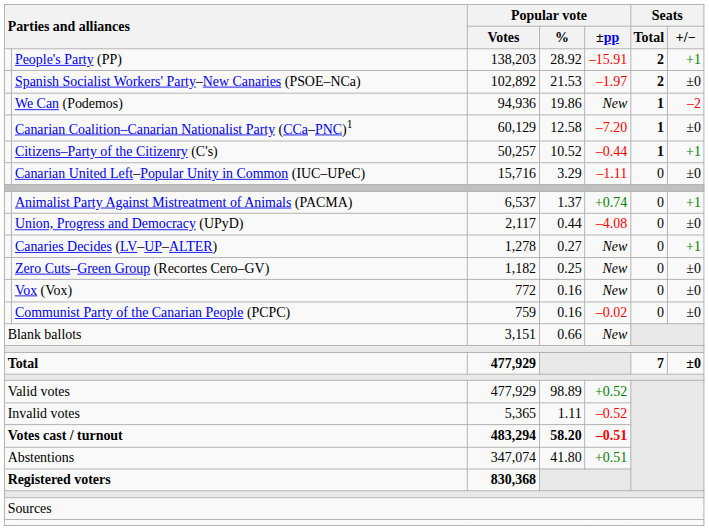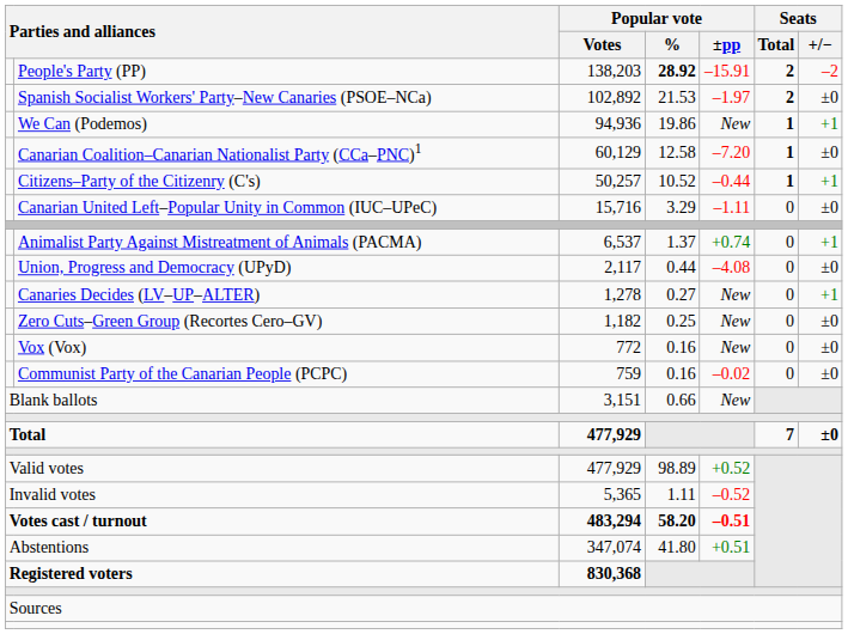 <table class="wikitable" style="text-align:right;">
 <tr>
 <th style="text-align:left;" rowspan="2" colspan="2" width="525">Parties and alliances</th>
 <th colspan="3">Popular vote</th>
 <th colspan="2">Seats</th>
 </tr>
 <tr>
 <th width="75">Votes</th>
 <th width="45">%</th>
 <th width="45">±<a href='#'>pp</a></th>
 <th width="35">Total</th>
 <th width="35">+/−</th>
 </tr>
 <tr>
 <td width="1" style="color:inherit;background:"></td>
 <td align="left"><a href='#'>People's Party</a> (PP)</td>
 <td>138,203</td>
-<td>28.92</td>
+<td><strong>28.92</strong></td>
 <td style="color:red;">–15.91</td>
 <td><strong>2</strong></td>
-<td style="color:green;">+1</td>
+<td style="color:red;">–2</td>
 </tr>
 <tr>
 <td style="color:inherit;background:"></td>
 <td align="left"><a href='#'>Spanish Socialist Workers' Party</a>–<a href='#'>New Canaries</a> (PSOE–NCa)</td>
 <td>102,892</td>
 <td>21.53</td>
 <td style="color:red;">–1.97</td>
 <td><strong>2</strong></td>
 <td>±0</td>
 </tr>
 <tr>
 <td style="color:inherit;background:"></td>
 <td align="left"><a href='#'>We Can</a> (Podemos)</td>
 <td>94,936</td>
 <td>19.86</td>
 <td><em>New</em></td>
 <td><strong>1</strong></td>
-<td style="color:red;">–2</td>
+<td style="color:green;">+1</td>
 </tr>
 <tr>
 <td style="color:inherit;background:"></td>
 <td align="left"><a href='#'>Canarian Coalition–Canarian Nationalist Party</a> (<a href='#'>CCa</a>–<a href='#'>PNC</a>)<sup>1</sup></td>
 <td>60,129</td>
 <td>12.58</td>
 <td style="color:red;">–7.20</td>
 <td><strong>1</strong></td>
 <td>±0</td>
 </tr>
 <tr>
 <td style="color:inherit;background:"></td>
 <td align="left"><a href='#'>Citizens–Party of the Citizenry</a> (C's)</td>
 <td>50,257</td>
 <td>10.52</td>
 <td style="color:red;">–0.44</td>
 <td><strong>1</strong></td>
 <td style="color:green;">+1</td>
 </tr>
 <tr>
 <td style="color:inherit;background:"></td>
 <td align="left"><a href='#'>Canarian United Left</a>–<a href='#'>Popular Unity in Common</a> (IUC–UPeC)</td>
 <td>15,716</td>
 <td>3.29</td>
 <td style="color:red;">–1.11</td>
 <td>0</td>
 <td>±0</td>
 </tr>
 <tr>
 <td colspan="7" bgcolor="#C0C0C0"></td>
 </tr>
 <tr>
 <td style="color:inherit;background:"></td>
 <td align="left"><a href='#'>Animalist Party Against Mistreatment of Animals</a> (PACMA)</td>
 <td>6,537</td>
 <td>1.37</td>
 <td style="color:green;">+0.74</td>
 <td>0</td>
 <td style="color:green;">+1</td>
 </tr>
 <tr>
 <td style="color:inherit;background:"></td>
 <td align="left"><a href='#'>Union, Progress and Democracy</a> (UPyD)</td>
 <td>2,117</td>
 <td>0.44</td>
 <td style="color:red;">–4.08</td>
 <td>0</td>
 <td>±0</td>
 </tr>
 <tr>
 <td style="color:inherit;background:"></td>
 <td align="left"><a href='#'>Canaries Decides</a> (<a href='#'>LV</a>–<a href='#'>UP</a>–<a href='#'>ALTER</a>)</td>
 <td>1,278</td>
 <td>0.27</td>
 <td><em>New</em></td>
 <td>0</td>
 <td style="color:green;">+1</td>
 </tr>
 <tr>
 <td style="color:inherit;background:"></td>
 <td align="left"><a href='#'>Zero Cuts</a>–<a href='#'>Green Group</a> (Recortes Cero–GV)</td>
 <td>1,182</td>
 <td>0.25</td>
 <td><em>New</em></td>
 <td>0</td>
 <td>±0</td>
 </tr>
 <tr>
 <td style="color:inherit;background:"></td>
 <td align="left"><a href='#'>Vox</a> (Vox)</td>
 <td>772</td>
 <td>0.16</td>
 <td><em>New</em></td>
 <td>0</td>
 <td>±0</td>
 </tr>
 <tr>
 <td style="color:inherit;background:"></td>
 <td align="left"><a href='#'>Communist Party of the Canarian People</a> (PCPC)</td>
 <td>759</td>
 <td>0.16</td>
 <td style="color:red;">–0.02</td>
 <td>0</td>
 <td>±0</td>
 </tr>
 <tr>
 <td align="left" colspan="2">Blank ballots</td>
 <td>3,151</td>
 <td>0.66</td>
 <td><em>New</em></td>
 <td bgcolor="#E9E9E9" colspan="2"></td>
 </tr>
 <tr>
 <td colspan="7" bgcolor="#E9E9E9"></td>
 </tr>
 <tr style="font-weight:bold;">
 <td align="left" colspan="2">Total</td>
 <td>477,929</td>
 <td bgcolor="#E9E9E9" colspan="2"></td>
 <td>7</td>
 <td>±0</td>
 </tr>
 <tr>
 <td colspan="7" bgcolor="#E9E9E9"></td>
 </tr>
 <tr>
 <td align="left" colspan="2">Valid votes</td>
 <td>477,929</td>
 <td>98.89</td>
 <td style="color:green;">+0.52</td>
 <td bgcolor="#E9E9E9" colspan="2" rowspan="5"></td>
 </tr>
 <tr>
 <td align="left" colspan="2">Invalid votes</td>
 <td>5,365</td>
 <td>1.11</td>
 <td style="color:red;">–0.52</td>
 </tr>
 <tr style="font-weight:bold;">
 <td align="left" colspan="2">Votes cast / turnout</td>
 <td>483,294</td>
 <td>58.20</td>
 <td style="color:red;">–0.51</td>
 </tr>
 <tr>
 <td align="left" colspan="2">Abstentions</td>
 <td>347,074</td>
 <td>41.80</td>
 <td style="color:green;">+0.51</td>
 </tr>
 <tr style="font-weight:bold;">
 <td align="left" colspan="2">Registered voters</td>
 <td>830,368</td>
 <td bgcolor="#E9E9E9" colspan="2"></td>
 </tr>
 <tr>
 <td colspan="7" bgcolor="#E9E9E9"></td>
 </tr>
 <tr>
 <td align="left" colspan="7">Sources</td>
 </tr>
 <tr>
 <td colspan="7" style="text-align:left; max-width:790px;"></td>
 </tr>
 </table>
